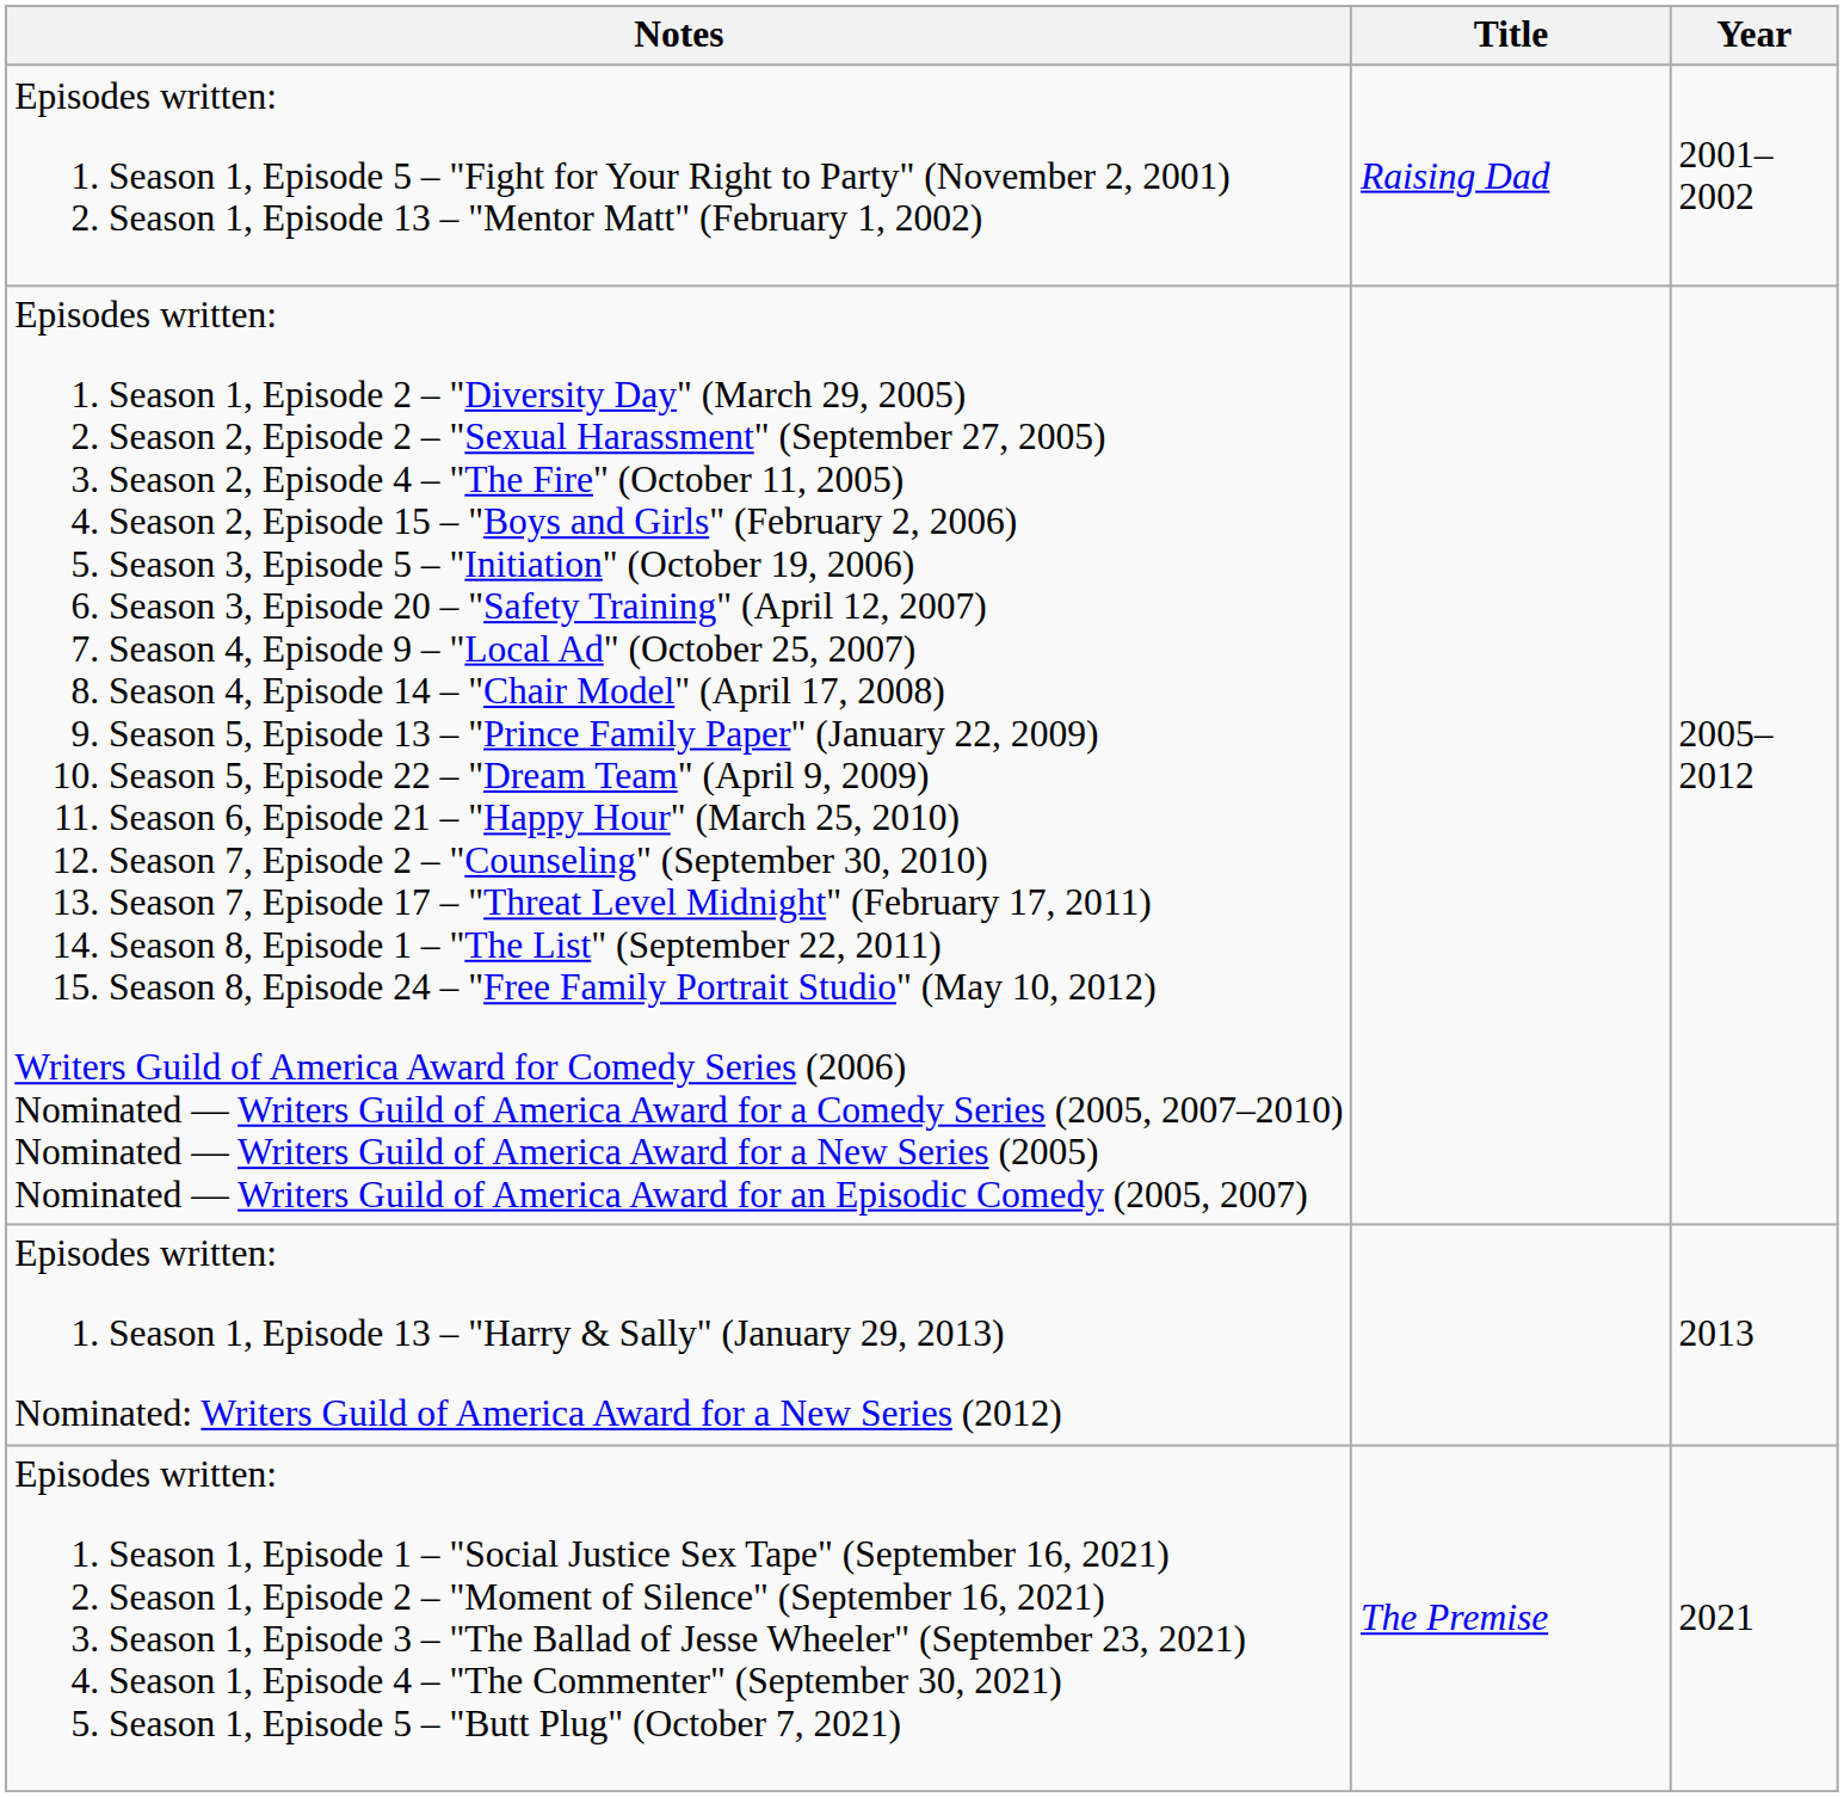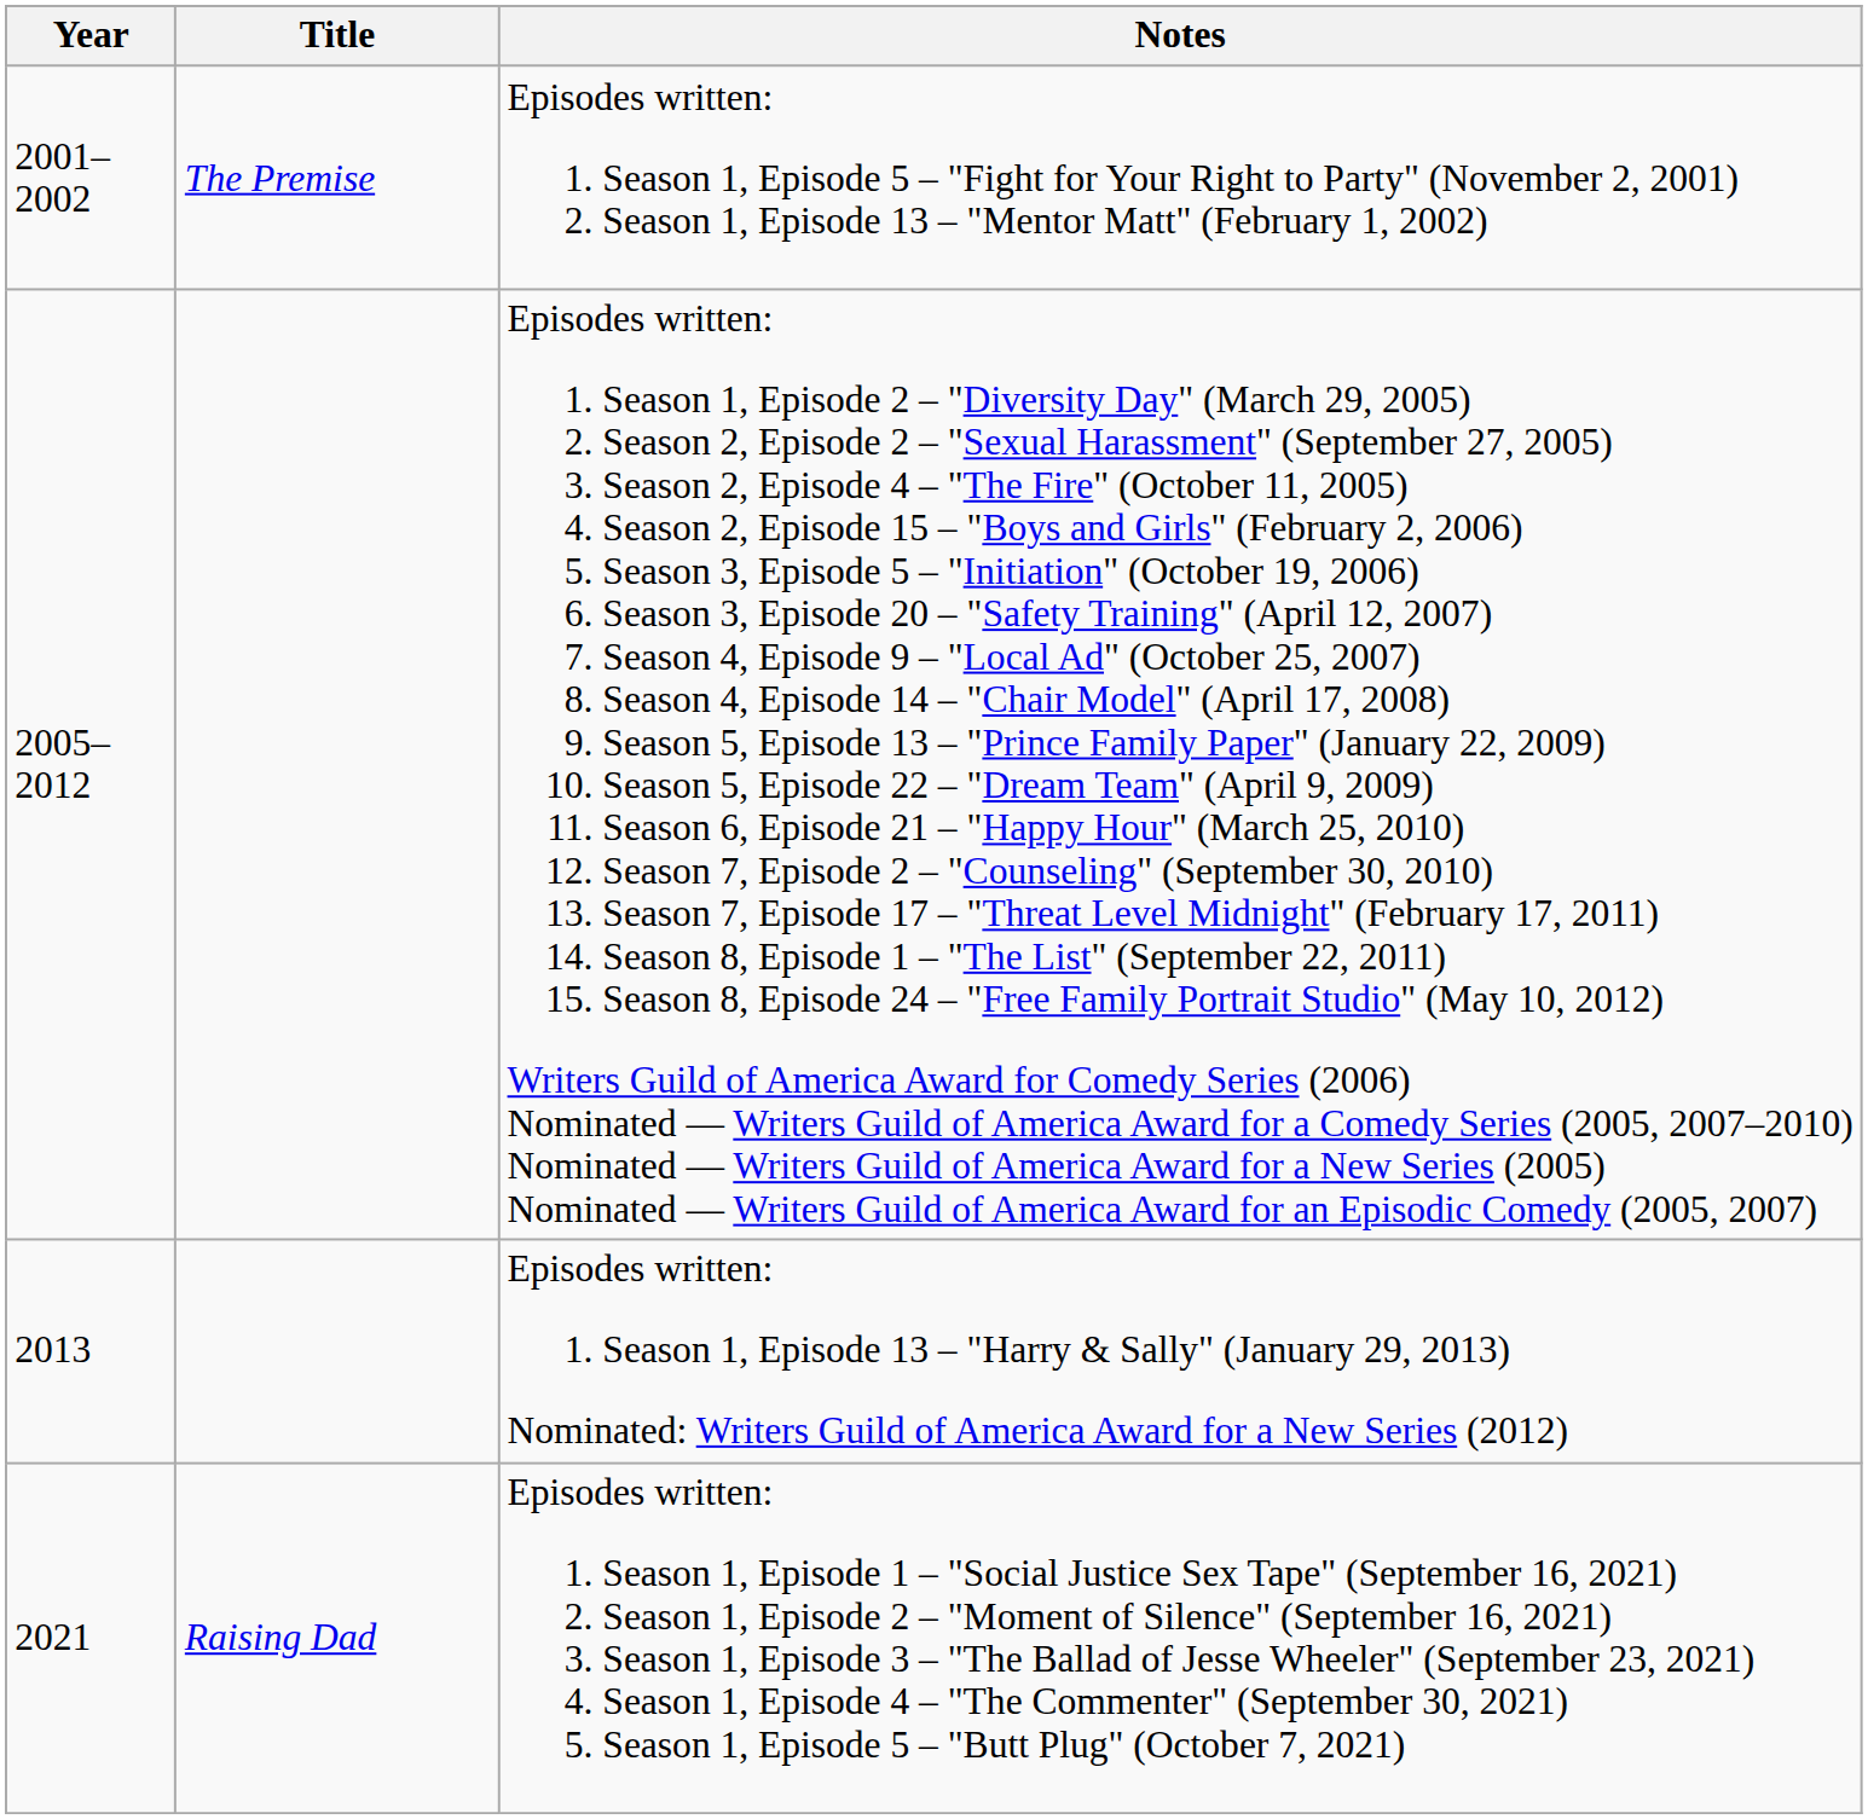 <table class="wikitable sortable">
 <tr>
+<th style="width: 4em;">Year</th>
+<th style="width: 8em;">Title</th>
 <th class="unsortable">Notes</th>
-<th style="width: 8em;">Title</th>
-<th style="width: 4em;">Year</th>
 </tr>
 <tr>
+<td>2001–2002</td>
+<td><em><a href='#'>The Premise</a></em></td>
 <td>Episodes written:<br><ol><li>Season 1, Episode 5 – "Fight for Your Right to Party" (November 2, 2001)</li><li>Season 1, Episode 13 – "Mentor Matt" (February 1, 2002)</li></ol></td>
-<td><em><a href='#'>Raising Dad</a></em></td>
-<td>2001–2002</td>
 </tr>
 <tr>
+<td>2005–2012</td>
+<td><em></em></td>
 <td>Episodes written:<br><ol><li>Season 1, Episode 2 – "<a href='#'>Diversity Day</a>" (March 29, 2005)</li><li>Season 2, Episode 2 – "<a href='#'>Sexual Harassment</a>" (September 27, 2005)</li><li>Season 2, Episode 4 – "<a href='#'>The Fire</a>" (October 11, 2005)</li><li>Season 2, Episode 15 – "<a href='#'>Boys and Girls</a>" (February 2, 2006)</li><li>Season 3, Episode 5 – "<a href='#'>Initiation</a>" (October 19, 2006)</li><li>Season 3, Episode 20 – "<a href='#'>Safety Training</a>" (April 12, 2007)</li><li>Season 4, Episode 9 – "<a href='#'>Local Ad</a>" (October 25, 2007)</li><li>Season 4, Episode 14 – "<a href='#'>Chair Model</a>" (April 17, 2008)</li><li>Season 5, Episode 13 – "<a href='#'>Prince Family Paper</a>" (January 22, 2009)</li><li>Season 5, Episode 22 – "<a href='#'>Dream Team</a>" (April 9, 2009)</li><li>Season 6, Episode 21 – "<a href='#'>Happy Hour</a>" (March 25, 2010)</li><li>Season 7, Episode 2 – "<a href='#'>Counseling</a>" (September 30, 2010)</li><li>Season 7, Episode 17 – "<a href='#'>Threat Level Midnight</a>" (February 17, 2011)</li><li>Season 8, Episode 1 – "<a href='#'>The List</a>" (September 22, 2011)</li><li>Season 8, Episode 24 – "<a href='#'>Free Family Portrait Studio</a>" (May 10, 2012)</li></ol><a href='#'>Writers Guild of America Award for Comedy Series</a> (2006)<br>Nominated — <a href='#'>Writers Guild of America Award for a Comedy Series</a> (2005, 2007–2010)<br>Nominated — <a href='#'>Writers Guild of America Award for a New Series</a> (2005)<br>Nominated — <a href='#'>Writers Guild of America Award for an Episodic Comedy</a> (2005, 2007)</td>
-<td><em></em></td>
-<td>2005–2012</td>
 </tr>
 <tr>
+<td>2013</td>
+<td><em></em></td>
 <td>Episodes written:<br><ol><li>Season 1, Episode 13 – "Harry & Sally" (January 29, 2013)</li></ol>Nominated: <a href='#'>Writers Guild of America Award for a New Series</a> (2012)</td>
-<td><em></em></td>
-<td>2013</td>
 </tr>
 <tr>
+<td>2021</td>
+<td><em><a href='#'>Raising Dad</a></em></td>
 <td>Episodes written:<br><ol><li>Season 1, Episode 1 – "Social Justice Sex Tape" (September 16, 2021)</li><li>Season 1, Episode 2 – "Moment of Silence" (September 16, 2021)</li><li>Season 1, Episode 3 – "The Ballad of Jesse Wheeler" (September 23, 2021)</li><li>Season 1, Episode 4 – "The Commenter" (September 30, 2021)</li><li>Season 1, Episode 5 – "Butt Plug" (October 7, 2021)</li></ol></td>
-<td><em><a href='#'>The Premise</a></em></td>
-<td>2021</td>
 </tr>
 </table>
